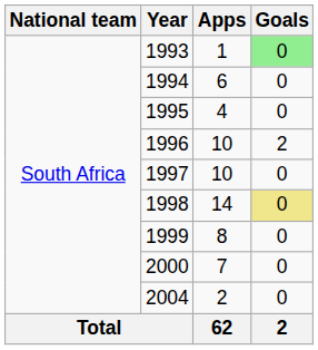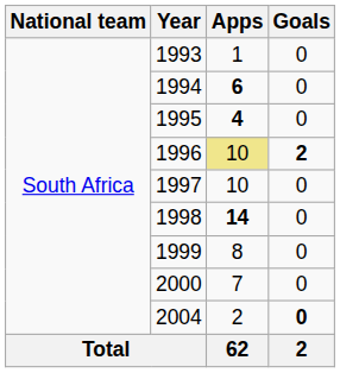 <table class="wikitable" style="text-align:center">
 <tr>
 <th>National team</th>
 <th>Year</th>
 <th>Apps</th>
 <th>Goals</th>
 </tr>
 <tr>
 <td rowspan="9"><a href='#'>South Africa</a></td>
 <td>1993</td>
 <td>1</td>
-<td style="background: lightgreen;">0</td>
+<td>0</td>
 </tr>
 <tr>
 <td>1994</td>
-<td>6</td>
+<td><strong>6</strong></td>
 <td>0</td>
 </tr>
 <tr>
 <td>1995</td>
-<td>4</td>
+<td><strong>4</strong></td>
 <td>0</td>
 </tr>
 <tr>
 <td>1996</td>
-<td>10</td>
-<td>2</td>
+<td style="background: khaki;">10</td>
+<td><strong>2</strong></td>
 </tr>
 <tr>
 <td>1997</td>
 <td>10</td>
 <td>0</td>
 </tr>
 <tr>
 <td>1998</td>
-<td>14</td>
-<td style="background: khaki;">0</td>
+<td><strong>14</strong></td>
+<td>0</td>
 </tr>
 <tr>
 <td>1999</td>
 <td>8</td>
 <td>0</td>
 </tr>
 <tr>
 <td>2000</td>
 <td>7</td>
 <td>0</td>
 </tr>
 <tr>
 <td>2004</td>
 <td>2</td>
-<td>0</td>
+<td><strong>0</strong></td>
 </tr>
 <tr>
 <th colspan="2">Total</th>
 <th>62</th>
 <th>2</th>
 </tr>
 </table>
